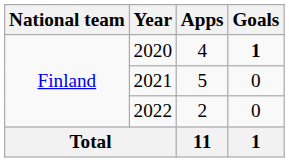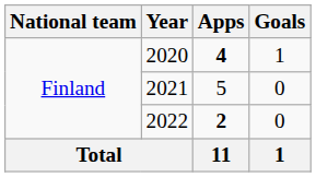 <table class=wikitable style=text-align:center>
 <tr>
 <th>National team</th>
 <th>Year</th>
 <th>Apps</th>
 <th>Goals</th>
 </tr>
 <tr>
 <td rowspan="3"><a href='#'>Finland</a></td>
 <td>2020</td>
-<td>4</td>
-<td><strong>1</strong></td>
+<td><strong>4</strong></td>
+<td>1</td>
 </tr>
 <tr>
 <td>2021</td>
 <td>5</td>
 <td>0</td>
 </tr>
 <tr>
 <td>2022</td>
-<td>2</td>
+<td><strong>2</strong></td>
 <td>0</td>
 </tr>
 <tr>
 <th colspan="2">Total</th>
 <th>11</th>
 <th>1</th>
 </tr>
 </table>
